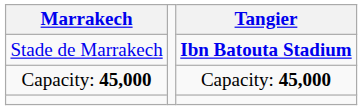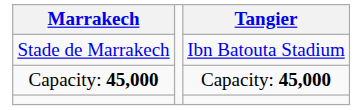 <table class="wikitable" style="text-align:center; margin:0.5em auto;">
 <tr>
 <th><a href='#'>Marrakech</a></th>
 <td rowspan="4"></td>
 <th><a href='#'>Tangier</a></th>
 </tr>
 <tr>
 <td><a href='#'>Stade de Marrakech</a></td>
-<td><strong><a href='#'>Ibn Batouta Stadium</a></strong></td>
+<td><a href='#'>Ibn Batouta Stadium</a></td>
 </tr>
 <tr>
 <td>Capacity: <strong>45,000</strong></td>
 <td>Capacity: <strong>45,000</strong></td>
 </tr>
 <tr>
 <td></td>
 <td></td>
 </tr>
 </table>
